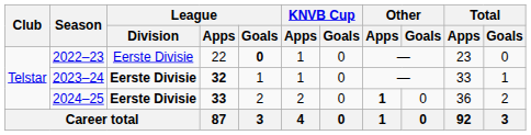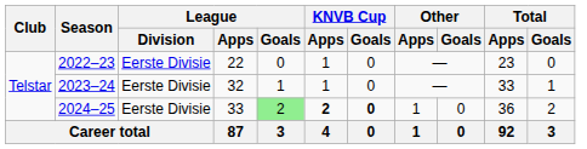 <table class="wikitable" style="text-align:center">
 <tr>
 <th rowspan="2">Club</th>
 <th rowspan="2">Season</th>
 <th colspan="3">League</th>
 <th colspan="2"><a href='#'>KNVB Cup</a></th>
 <th colspan="2">Other</th>
 <th colspan="2">Total</th>
 </tr>
 <tr>
 <th>Division</th>
 <th>Apps</th>
 <th>Goals</th>
 <th>Apps</th>
 <th>Goals</th>
 <th>Apps</th>
 <th>Goals</th>
 <th>Apps</th>
 <th>Goals</th>
 </tr>
 <tr>
 <td rowspan="3"><a href='#'>Telstar</a></td>
 <td><a href='#'>2022–23</a></td>
 <td><a href='#'>Eerste Divisie</a></td>
 <td>22</td>
-<td><strong>0</strong></td>
+<td>0</td>
 <td>1</td>
 <td>0</td>
 <td colspan="2">—</td>
 <td>23</td>
 <td>0</td>
 </tr>
 <tr>
 <td><a href='#'>2023–24</a></td>
-<td><strong>Eerste Divisie</strong></td>
-<td><strong>32</strong></td>
+<td>Eerste Divisie</td>
+<td>32</td>
 <td>1</td>
 <td>1</td>
 <td>0</td>
 <td colspan="2">—</td>
 <td>33</td>
 <td>1</td>
 </tr>
 <tr>
 <td><a href='#'>2024–25</a></td>
-<td><strong>Eerste Divisie</strong></td>
-<td><strong>33</strong></td>
-<td>2</td>
-<td>2</td>
-<td>0</td>
-<td><strong>1</strong></td>
+<td>Eerste Divisie</td>
+<td>33</td>
+<td style="background: lightgreen;">2</td>
+<td><strong>2</strong></td>
+<td><strong>0</strong></td>
+<td>1</td>
 <td>0</td>
 <td>36</td>
 <td>2</td>
 </tr>
 <tr>
 <th colspan="3">Career total</th>
 <th>87</th>
 <th>3</th>
 <th>4</th>
 <th>0</th>
 <th>1</th>
 <th>0</th>
 <th>92</th>
 <th>3</th>
 </tr>
 </table>
